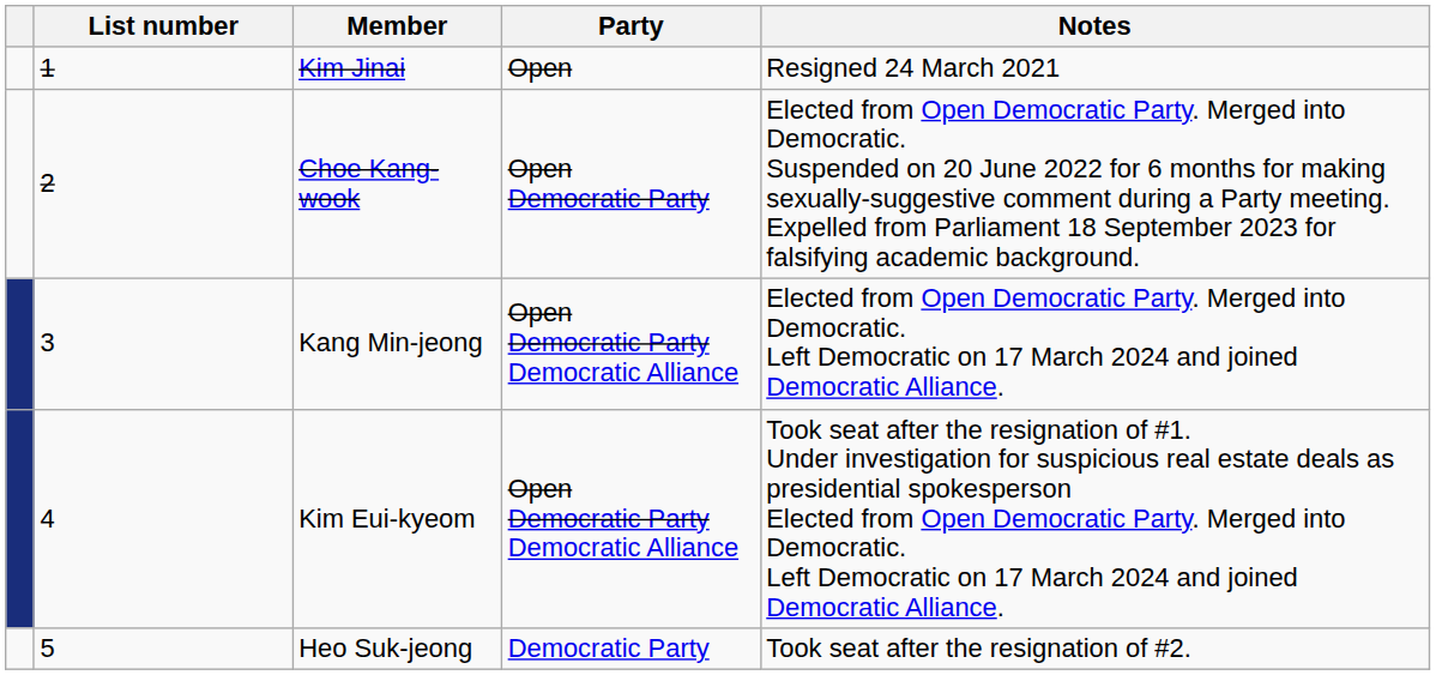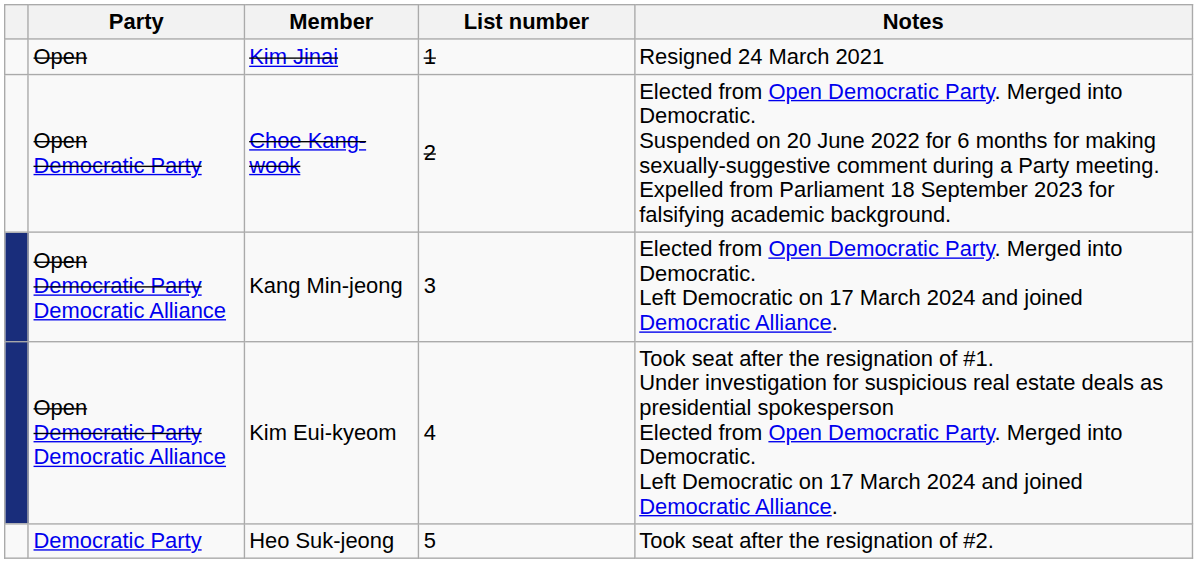 <table class="wikitable sortable">
 <tr>
 <th scope="col" style="width:10px;" class="unsortable"></th>
+<th scope="col" style="width:150px;">Party</th>
+<th scope="col" style="width:120px;">Member</th>
 <th scope="col" style="width:150px;">List number</th>
-<th scope="col" style="width:120px;">Member</th>
-<th scope="col" style="width:150px;">Party</th>
 <th scope="col" style="width:400px;" class="unsortable">Notes</th>
 </tr>
 <tr>
 <td scope="row" width="10" style="background-color:"></td>
+<td><s>Open</s></td>
+<td><s><a href='#'>Kim Jinai</a></s></td>
 <td><s>1</s></td>
-<td><s><a href='#'>Kim Jinai</a></s></td>
-<td><s>Open</s></td>
 <td>Resigned 24 March 2021</td>
 </tr>
 <tr>
 <td scope="row" style="background-color:"></td>
+<td><s>Open</s><br><s><a href='#'>Democratic Party</a></s></td>
+<td><s><a href='#'>Choe Kang-wook</a></s></td>
 <td><s>2</s></td>
-<td><s><a href='#'>Choe Kang-wook</a></s></td>
-<td><s>Open</s><br><s><a href='#'>Democratic Party</a></s></td>
 <td>Elected from <a href='#'>Open Democratic Party</a>. Merged into Democratic.<br>Suspended on 20 June 2022 for 6 months for making sexually-suggestive comment during a Party meeting.<br> Expelled from Parliament 18 September 2023 for falsifying academic background.</td>
 </tr>
 <tr>
 <td scope="row" style="background-color:#192D7B"></td>
+<td><s>Open</s><br><s><a href='#'>Democratic Party</a></s><br><a href='#'>Democratic Alliance</a></td>
+<td>Kang Min-jeong</td>
 <td>3</td>
-<td>Kang Min-jeong</td>
-<td><s>Open</s><br><s><a href='#'>Democratic Party</a></s><br><a href='#'>Democratic Alliance</a></td>
 <td>Elected from <a href='#'>Open Democratic Party</a>. Merged into Democratic.<br> Left Democratic on 17 March 2024 and joined <a href='#'>Democratic Alliance</a>.</td>
 </tr>
 <tr>
 <td scope="row" style="background-color:#192D7B"></td>
+<td><s>Open</s><br><s><a href='#'>Democratic Party</a></s><br><a href='#'>Democratic Alliance</a></td>
+<td>Kim Eui-kyeom</td>
 <td>4</td>
-<td>Kim Eui-kyeom</td>
-<td><s>Open</s><br><s><a href='#'>Democratic Party</a></s><br><a href='#'>Democratic Alliance</a></td>
 <td>Took seat after the resignation of #1.<br>Under investigation for suspicious real estate deals as presidential spokesperson<br> Elected from <a href='#'>Open Democratic Party</a>. Merged into Democratic.<br>Left Democratic on 17 March 2024 and joined <a href='#'>Democratic Alliance</a>.</td>
 </tr>
 <tr>
 <td scope="row" style="background-color:"></td>
+<td><a href='#'>Democratic Party</a></td>
+<td>Heo Suk-jeong</td>
 <td>5</td>
-<td>Heo Suk-jeong</td>
-<td><a href='#'>Democratic Party</a></td>
 <td>Took seat after the resignation of #2.</td>
 </tr>
 </table>
